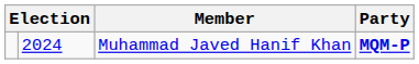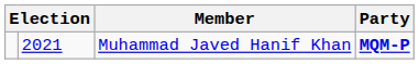 <table class="wikitable">
 <tr>
 <th colspan="2">Election</th>
 <th>Member</th>
 <th>Party</th>
 </tr>
 <tr>
 <td style="background-color: "></td>
-<td><a href='#'>2024</a></td>
+<td><a href='#'>2021</a></td>
 <td><a href='#'>Muhammad Javed Hanif Khan</a></td>
 <td><strong><a href='#'>MQM-P</a></strong></td>
 </tr>
 </table>
